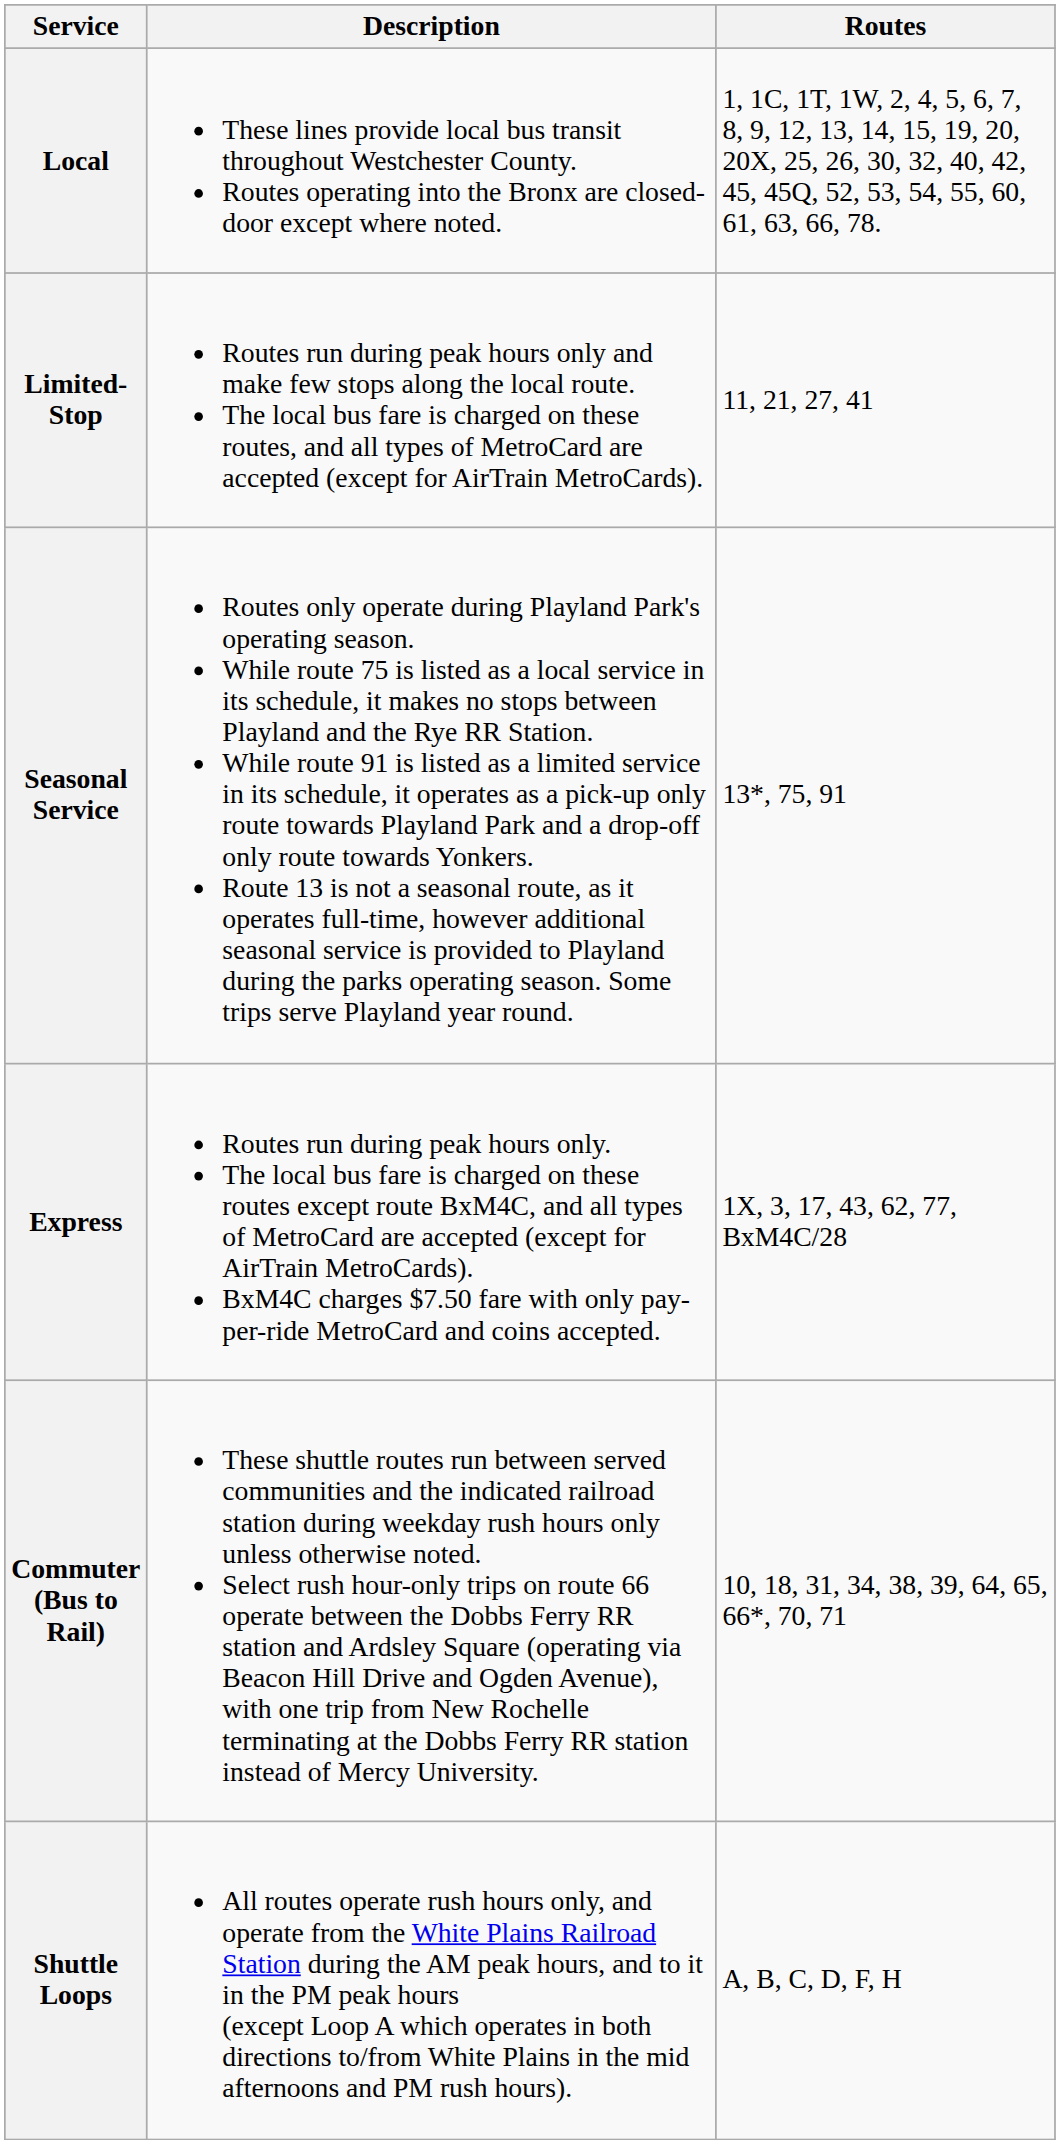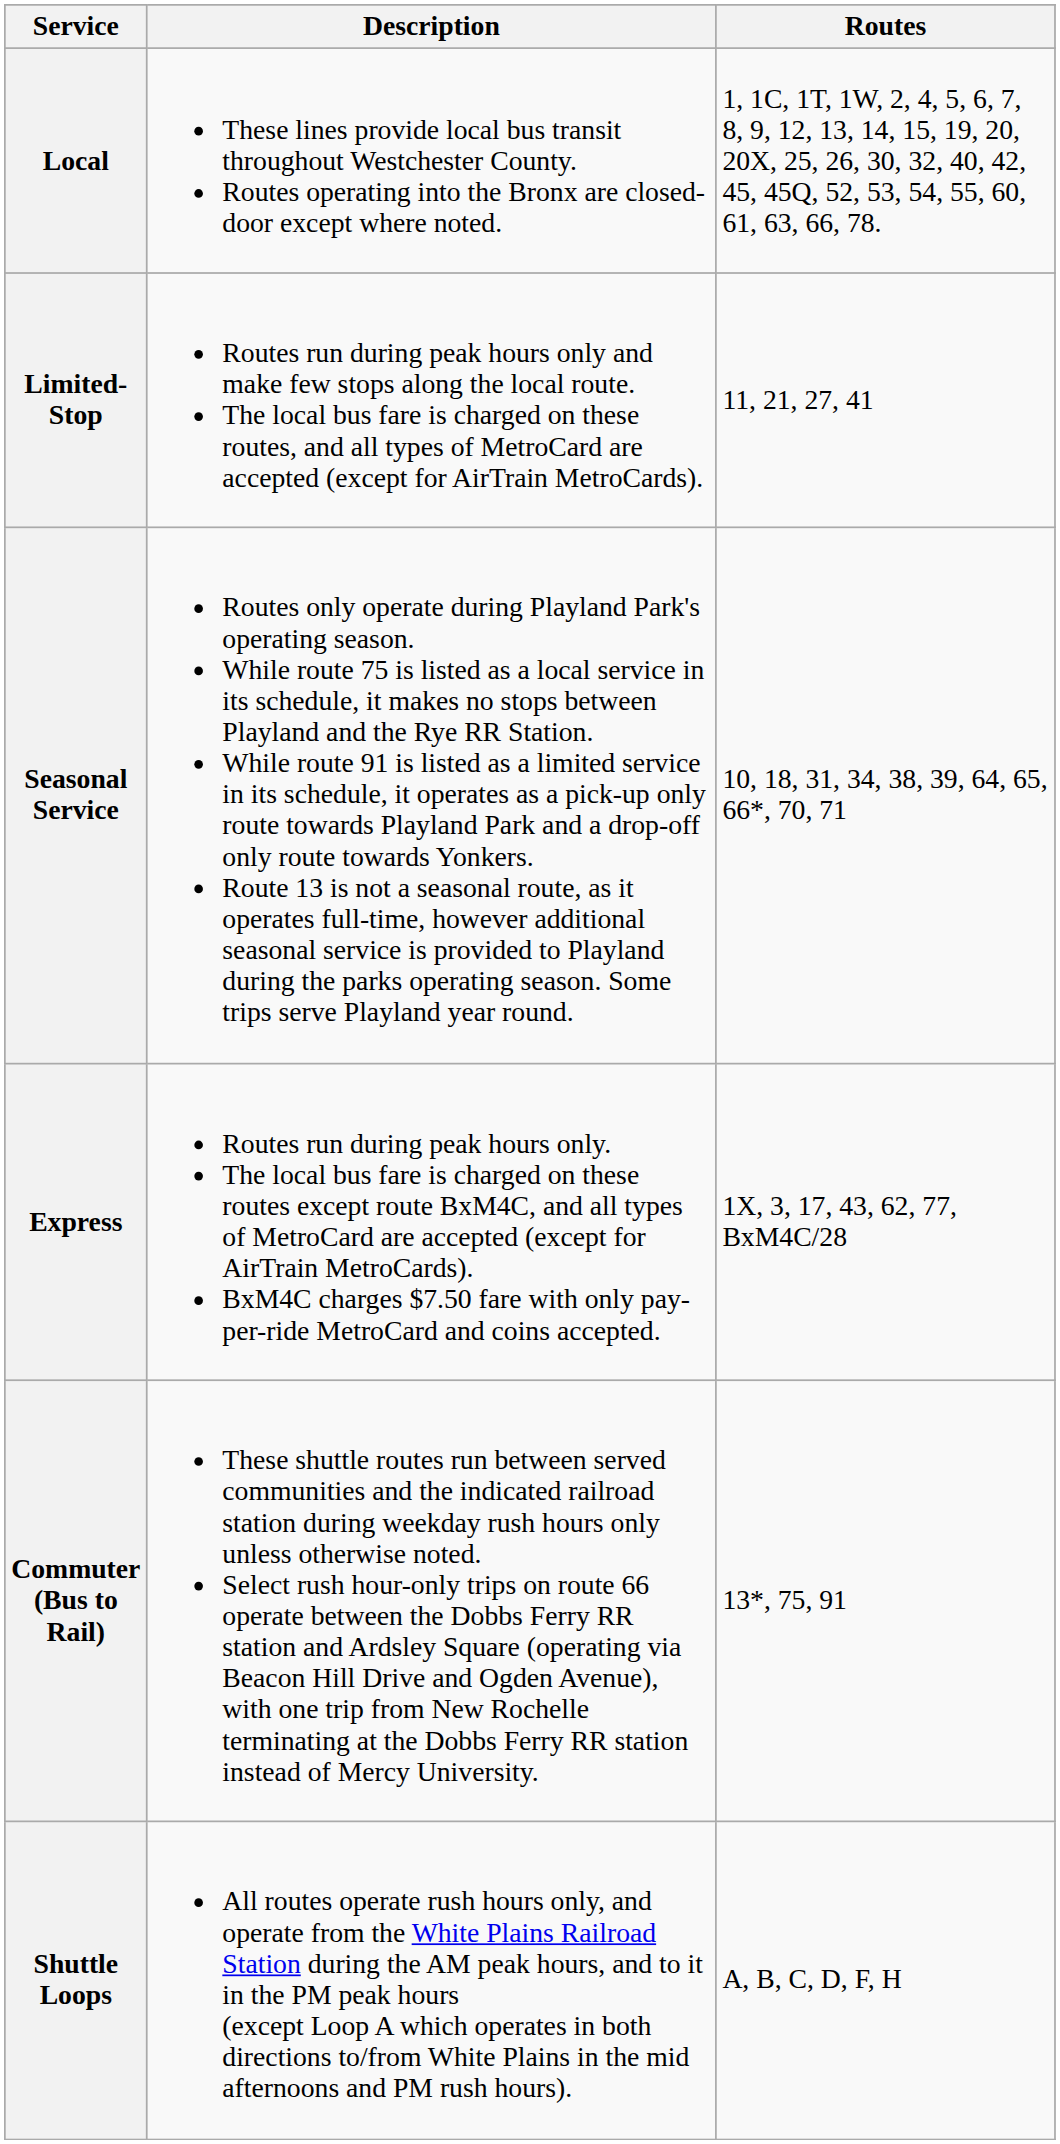 <table class=wikitable style="font-size: 100%;" |>
 <tr>
 <th>Service</th>
 <th width=425px>Description</th>
 <th width=250px>Routes</th>
 </tr>
 <tr>
 <th>Local</th>
 <td><br><ul><li>These lines provide local bus transit throughout Westchester County.</li><li>Routes operating into the Bronx are closed-door except where noted.</li></ul></td>
 <td>1, 1C, 1T, 1W, 2, 4, 5, 6, 7, 8, 9, 12, 13, 14, 15, 19, 20, 20X, 25, 26, 30, 32, 40, 42, 45, 45Q, 52, 53, 54, 55, 60, 61, 63, 66, 78.</td>
 </tr>
 <tr>
 <th>Limited-Stop</th>
 <td><br><ul><li>Routes run during peak hours only and make few stops along the local route.</li><li>The local bus fare is charged on these routes, and all types of MetroCard are accepted (except for AirTrain MetroCards).</li></ul></td>
 <td>11, 21, 27, 41</td>
 </tr>
 <tr>
 <th>Seasonal Service</th>
 <td><br><ul><li>Routes only operate during Playland Park's operating season.</li><li>While route 75 is listed as a local service in its schedule, it makes no stops between Playland and the Rye RR Station.</li><li>While route 91 is listed as a limited service in its schedule, it operates as a pick-up only route towards Playland Park and a drop-off only route towards Yonkers.</li><li>Route 13 is not a seasonal route, as it operates full-time, however additional seasonal service is provided to Playland during the parks operating season. Some trips serve Playland year round.</li></ul></td>
-<td>13*, 75, 91</td>
+<td>10, 18, 31, 34, 38, 39, 64, 65, 66*, 70, 71</td>
 </tr>
 <tr>
 <th>Express</th>
 <td><br><ul><li>Routes run during peak hours only.</li><li>The local bus fare is charged on these routes except route BxM4C, and all types of MetroCard are accepted (except for AirTrain MetroCards).</li><li>BxM4C charges $7.50 fare with only pay-per-ride MetroCard and coins accepted.</li></ul></td>
 <td>1X, 3, 17, 43, 62, 77, BxM4C/28</td>
 </tr>
 <tr>
 <th>Commuter<br>(Bus to Rail)</th>
 <td><br><ul><li>These shuttle routes run between served communities and the indicated railroad station during weekday rush hours only unless otherwise noted.</li><li>Select rush hour-only trips on route 66 operate between the Dobbs Ferry RR station and Ardsley Square (operating via Beacon Hill Drive and Ogden Avenue), with one trip from New Rochelle terminating at the Dobbs Ferry RR station instead of Mercy University.</li></ul></td>
-<td>10, 18, 31, 34, 38, 39, 64, 65, 66*, 70, 71</td>
+<td>13*, 75, 91</td>
 </tr>
 <tr>
 <th>Shuttle Loops</th>
 <td><br><ul><li>All routes operate rush hours only, and operate from the <a href='#'>White Plains Railroad Station</a> during the AM peak hours, and to it in the PM peak hours<br>(except Loop A which operates in both directions to/from White Plains in the mid afternoons and PM rush hours).</li></ul></td>
 <td>A, B, C, D, F, H</td>
 </tr>
 <tr>
 </tr>
 </table>
